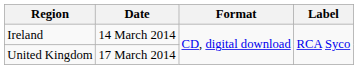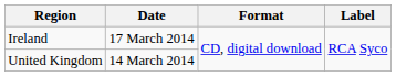 <table class="wikitable">
 <tr>
 <th>Region</th>
 <th>Date</th>
 <th>Format</th>
 <th>Label</th>
 </tr>
 <tr>
 <td>Ireland</td>
-<td>14 March 2014</td>
+<td>17 March 2014</td>
 <td rowspan="2"><a href='#'>CD</a>, <a href='#'>digital download</a></td>
 <td rowspan="2"><a href='#'>RCA</a> <a href='#'>Syco</a></td>
 </tr>
 <tr>
 <td>United Kingdom</td>
-<td>17 March 2014</td>
+<td>14 March 2014</td>
 </tr>
 </table>
